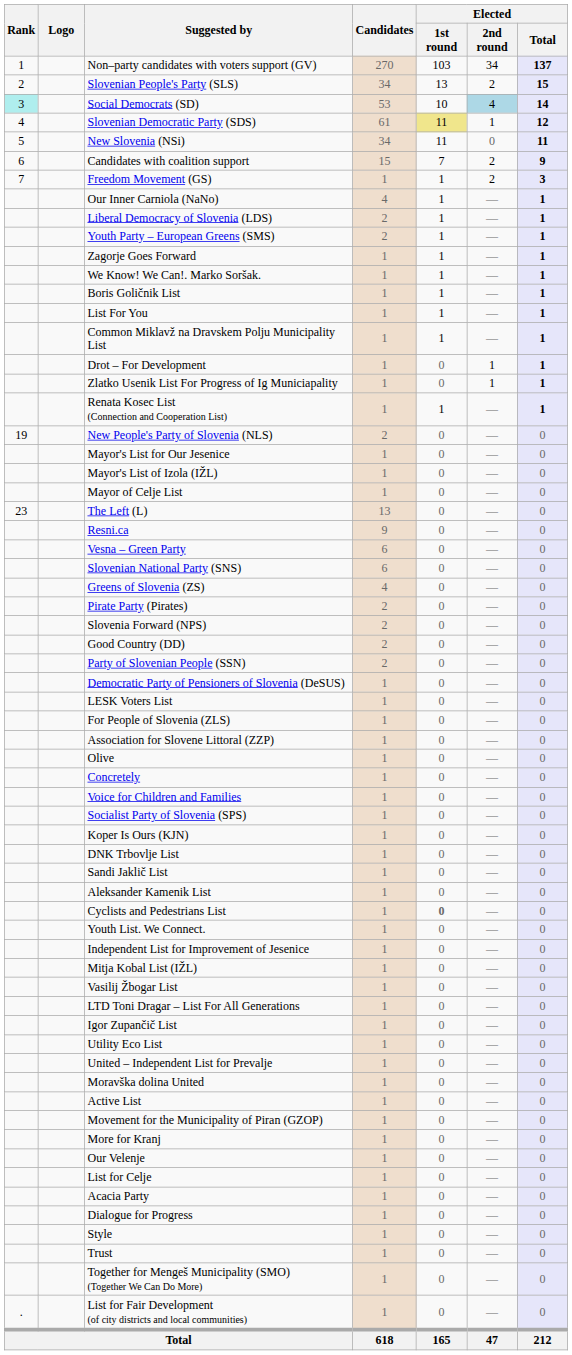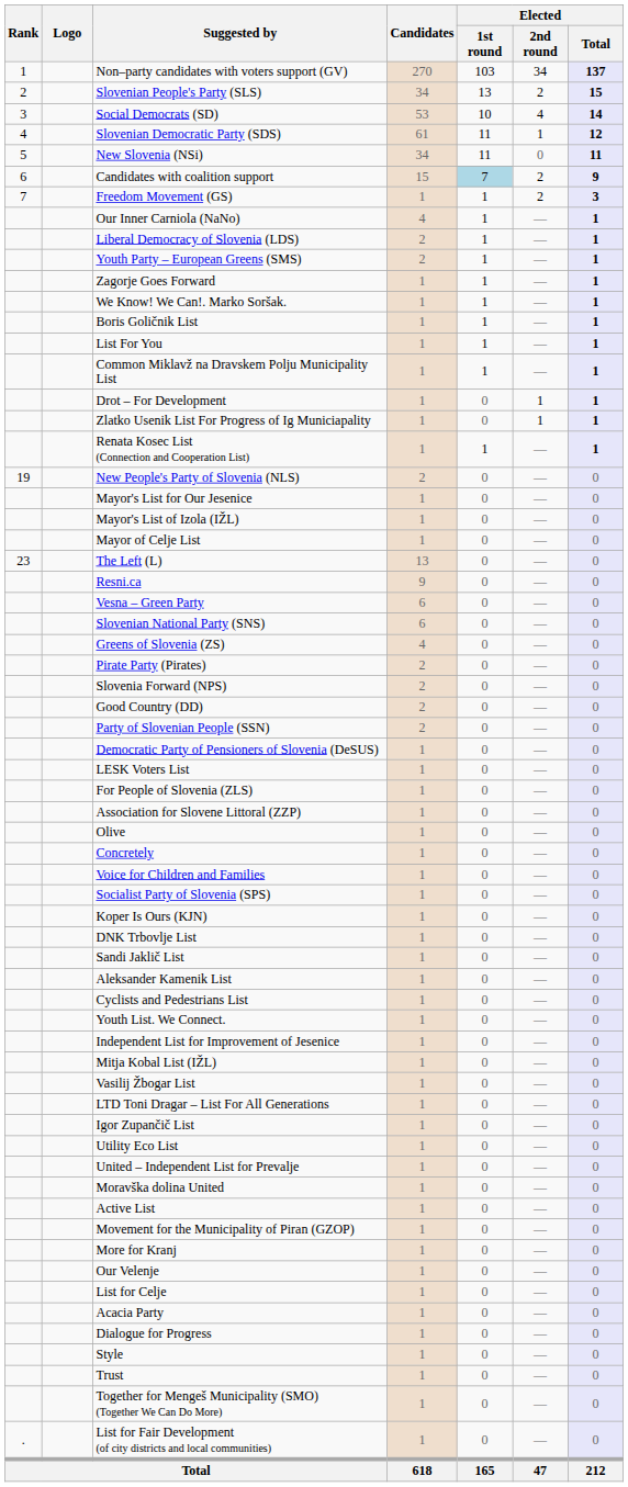 <table class="wikitable">
 <tr>
 <th width=15 rowspan=2>Rank</th>
 <th width=55 rowspan=2>Logo</th>
 <th width=350 rowspan=2>Suggested by</th>
 <th width=65 rowspan=2>Candidates</th>
 <th width=180 colspan=3>Elected</th>
 </tr>
 <tr>
 <th width=60>1st<br>round</th>
 <th width=60>2nd<br>round</th>
 <th width=60>Total</th>
 </tr>
 <tr>
 <td align=center>1</td>
 <td align=center></td>
 <td>Non–party candidates with voters support (GV)</td>
 <td style=color:#696969 align=center bgcolor=#EFDECD>270</td>
 <td align=center>103</td>
 <td align=center>34</td>
 <td align=center bgcolor=#E6E6FA><strong>137</strong></td>
 </tr>
 <tr>
 <td align=center>2</td>
 <td align=center></td>
 <td><a href='#'>Slovenian People's Party</a> (SLS)</td>
 <td style=color:#696969 align=center bgcolor=#EFDECD>34</td>
 <td align=center>13</td>
 <td align=center>2</td>
 <td align=center bgcolor=#E6E6FA><strong>15</strong></td>
 </tr>
 <tr>
-<td align=center style="background: paleturquoise;">3</td>
+<td align=center>3</td>
 <td align=center></td>
 <td><a href='#'>Social Democrats</a> (SD)</td>
 <td style=color:#696969 align=center bgcolor=#EFDECD>53</td>
 <td align=center>10</td>
-<td align=center style="background: lightblue;">4</td>
+<td align=center>4</td>
 <td align=center bgcolor=#E6E6FA><strong>14</strong></td>
 </tr>
 <tr>
 <td align=center>4</td>
 <td align=center></td>
 <td><a href='#'>Slovenian Democratic Party</a> (SDS)</td>
 <td style=color:#696969 align=center bgcolor=#EFDECD>61</td>
-<td align=center style="background: khaki;">11</td>
+<td align=center>11</td>
 <td align=center>1</td>
 <td align=center bgcolor=#E6E6FA><strong>12</strong></td>
 </tr>
 <tr>
 <td align=center>5</td>
 <td align=center></td>
 <td><a href='#'>New Slovenia</a> (NSi)</td>
 <td style=color:#696969 align=center bgcolor=#EFDECD>34</td>
 <td align=center>11</td>
 <td align=center style=color:#696969>0</td>
 <td align=center bgcolor=#E6E6FA><strong>11</strong></td>
 </tr>
 <tr>
 <td align=center>6</td>
 <td align=center></td>
 <td>Candidates with coalition support<small></small></td>
 <td style=color:#696969 align=center bgcolor=#EFDECD>15</td>
-<td align=center>7</td>
+<td align=center style="background: lightblue;">7</td>
 <td align=center>2</td>
 <td align=center bgcolor=#E6E6FA><strong>9</strong></td>
 </tr>
 <tr>
 <td align=center>7</td>
 <td align=center></td>
 <td><a href='#'>Freedom Movement</a> (GS)</td>
 <td style=color:#696969 align=center bgcolor=#EFDECD>1</td>
 <td align=center>1</td>
 <td align=center>2</td>
 <td align=center bgcolor=#E6E6FA><strong>3</strong></td>
 </tr>
 <tr>
 <td align=center></td>
 <td align=center></td>
 <td>Our Inner Carniola (NaNo)</td>
 <td style=color:#696969 align=center bgcolor=#EFDECD>4</td>
 <td align=center>1</td>
 <td align=center style=color:#696969>—</td>
 <td align=center bgcolor=#E6E6FA><strong>1</strong></td>
 </tr>
 <tr>
 <td align=center></td>
 <td align=center></td>
 <td><a href='#'>Liberal Democracy of Slovenia</a> (LDS)</td>
 <td style=color:#696969 align=center bgcolor=#EFDECD>2</td>
 <td align=center>1</td>
 <td align=center style=color:#696969>—</td>
 <td align=center bgcolor=#E6E6FA><strong>1</strong></td>
 </tr>
 <tr>
 <td align=center></td>
 <td align=center></td>
 <td><a href='#'>Youth Party – European Greens</a> (SMS)</td>
 <td style=color:#696969 align=center bgcolor=#EFDECD>2</td>
 <td align=center>1</td>
 <td align=center style=color:#696969>—</td>
 <td align=center bgcolor=#E6E6FA><strong>1</strong></td>
 </tr>
 <tr>
 <td align=center></td>
 <td align=center></td>
 <td>Zagorje Goes Forward</td>
 <td style=color:#696969 align=center bgcolor=#EFDECD>1</td>
 <td align=center>1</td>
 <td align=center style=color:#696969>—</td>
 <td align=center bgcolor=#E6E6FA><strong>1</strong></td>
 </tr>
 <tr>
 <td align=center></td>
 <td align=center></td>
 <td>We Know! We Can!. Marko Soršak.</td>
 <td style=color:#696969 align=center bgcolor=#EFDECD>1</td>
 <td align=center>1</td>
 <td align=center style=color:#696969>—</td>
 <td align=center bgcolor=#E6E6FA><strong>1</strong></td>
 </tr>
 <tr>
 <td align=center></td>
 <td align=center></td>
 <td>Boris Goličnik List</td>
 <td style=color:#696969 align=center bgcolor=#EFDECD>1</td>
 <td align=center>1</td>
 <td align=center style=color:#696969>—</td>
 <td align=center bgcolor=#E6E6FA><strong>1</strong></td>
 </tr>
 <tr>
 <td align=center></td>
 <td align=center></td>
 <td>List For You</td>
 <td style=color:#696969 align=center bgcolor=#EFDECD>1</td>
 <td align=center>1</td>
 <td align=center style=color:#696969>—</td>
 <td align=center bgcolor=#E6E6FA><strong>1</strong></td>
 </tr>
 <tr>
 <td align=center></td>
 <td align=center></td>
 <td>Common Miklavž na Dravskem Polju Municipality List</td>
 <td style=color:#696969 align=center bgcolor=#EFDECD>1</td>
 <td align=center>1</td>
 <td align=center style=color:#696969>—</td>
 <td align=center bgcolor=#E6E6FA><strong>1</strong></td>
 </tr>
 <tr>
 <td align=center></td>
 <td align=center></td>
 <td>Drot – For Development</td>
 <td style=color:#696969 align=center bgcolor=#EFDECD>1</td>
 <td align=center style=color:#696969>0</td>
 <td align=center>1</td>
 <td align=center bgcolor=#E6E6FA><strong>1</strong></td>
 </tr>
 <tr>
 <td align=center></td>
 <td align=center></td>
 <td>Zlatko Usenik List For Progress of Ig Municiapality</td>
 <td style=color:#696969 align=center bgcolor=#EFDECD>1</td>
 <td align=center style=color:#696969>0</td>
 <td align=center>1</td>
 <td align=center bgcolor=#E6E6FA><strong>1</strong></td>
 </tr>
 <tr>
 <td align=center></td>
 <td align=center></td>
 <td>Renata Kosec List<br><small>(Connection and Cooperation List)</small></td>
 <td style=color:#696969 align=center bgcolor=#EFDECD>1</td>
 <td align=center>1</td>
 <td align=center style=color:#696969>—</td>
 <td align=center bgcolor=#E6E6FA><strong>1</strong></td>
 </tr>
 <tr>
 <td align=center>19</td>
 <td align=center></td>
 <td><a href='#'>New People's Party of Slovenia</a> (NLS)</td>
 <td style=color:#696969 align=center bgcolor=#EFDECD>2</td>
 <td align=center style=color:#696969>0</td>
 <td align=center style=color:#696969>—</td>
 <td align=center bgcolor=#E6E6FA style=color:#696969>0</td>
 </tr>
 <tr>
 <td align=center></td>
 <td align=center></td>
 <td>Mayor's List for Our Jesenice</td>
 <td style=color:#696969 align=center bgcolor=#EFDECD>1</td>
 <td align=center style=color:#696969>0</td>
 <td align=center style=color:#696969>—</td>
 <td align=center bgcolor=#E6E6FA style=color:#696969>0</td>
 </tr>
 <tr>
 <td align=center></td>
 <td align=center></td>
 <td>Mayor's List of Izola (IŽL)</td>
 <td style=color:#696969 align=center bgcolor=#EFDECD>1</td>
 <td align=center style=color:#696969>0</td>
 <td align=center style=color:#696969>—</td>
 <td align=center bgcolor=#E6E6FA style=color:#696969>0</td>
 </tr>
 <tr>
 <td align=center></td>
 <td align=center></td>
 <td>Mayor of Celje List</td>
 <td style=color:#696969 align=center bgcolor=#EFDECD>1</td>
 <td align=center style=color:#696969>0</td>
 <td align=center style=color:#696969>—</td>
 <td align=center bgcolor=#E6E6FA style=color:#696969>0</td>
 </tr>
 <tr>
 <td align=center>23</td>
 <td align=center></td>
 <td><a href='#'>The Left</a> (L)</td>
 <td style=color:#696969 align=center bgcolor=#EFDECD>13</td>
 <td align=center style=color:#696969>0</td>
 <td align=center style=color:#696969>—</td>
 <td align=center bgcolor=#E6E6FA style=color:#696969>0</td>
 </tr>
 <tr>
 <td align=center></td>
 <td align=center></td>
 <td><a href='#'>Resni.ca</a></td>
 <td style=color:#696969 align=center bgcolor=#EFDECD>9</td>
 <td align=center style=color:#696969>0</td>
 <td align=center style=color:#696969>—</td>
 <td align=center bgcolor=#E6E6FA style=color:#696969>0</td>
 </tr>
 <tr>
 <td align=center></td>
 <td align=center></td>
 <td><a href='#'>Vesna – Green Party</a></td>
 <td style=color:#696969 align=center bgcolor=#EFDECD>6</td>
 <td align=center style=color:#696969>0</td>
 <td align=center style=color:#696969>—</td>
 <td align=center bgcolor=#E6E6FA style=color:#696969>0</td>
 </tr>
 <tr>
 <td align=center></td>
 <td align=center></td>
 <td><a href='#'>Slovenian National Party</a> (SNS)</td>
 <td style=color:#696969 align=center bgcolor=#EFDECD>6</td>
 <td align=center style=color:#696969>0</td>
 <td align=center style=color:#696969>—</td>
 <td align=center bgcolor=#E6E6FA style=color:#696969>0</td>
 </tr>
 <tr>
 <td align=center></td>
 <td align=center></td>
 <td><a href='#'>Greens of Slovenia</a> (ZS)</td>
 <td style=color:#696969 align=center bgcolor=#EFDECD>4</td>
 <td align=center style=color:#696969>0</td>
 <td align=center style=color:#696969>—</td>
 <td align=center bgcolor=#E6E6FA style=color:#696969>0</td>
 </tr>
 <tr>
 <td align=center></td>
 <td align=center></td>
 <td><a href='#'>Pirate Party</a> (Pirates)</td>
 <td style=color:#696969 align=center bgcolor=#EFDECD>2</td>
 <td align=center style=color:#696969>0</td>
 <td align=center style=color:#696969>—</td>
 <td align=center bgcolor=#E6E6FA style=color:#696969>0</td>
 </tr>
 <tr>
 <td align=center></td>
 <td align=center></td>
 <td>Slovenia Forward (NPS)</td>
 <td style=color:#696969 align=center bgcolor=#EFDECD>2</td>
 <td align=center style=color:#696969>0</td>
 <td align=center style=color:#696969>—</td>
 <td align=center bgcolor=#E6E6FA style=color:#696969>0</td>
 </tr>
 <tr>
 <td align=center></td>
 <td align=center></td>
 <td>Good Country (DD)</td>
 <td style=color:#696969 align=center bgcolor=#EFDECD>2</td>
 <td align=center style=color:#696969>0</td>
 <td align=center style=color:#696969>—</td>
 <td align=center bgcolor=#E6E6FA style=color:#696969>0</td>
 </tr>
 <tr>
 <td align=center></td>
 <td align=center></td>
 <td><a href='#'>Party of Slovenian People</a> (SSN)</td>
 <td style=color:#696969 align=center bgcolor=#EFDECD>2</td>
 <td align=center style=color:#696969>0</td>
 <td align=center style=color:#696969>—</td>
 <td align=center bgcolor=#E6E6FA style=color:#696969>0</td>
 </tr>
 <tr>
 <td align=center></td>
 <td align=center></td>
 <td><a href='#'>Democratic Party of Pensioners of Slovenia</a> (DeSUS)</td>
 <td style=color:#696969 align=center bgcolor=#EFDECD>1</td>
 <td align=center style=color:#696969>0</td>
 <td align=center style=color:#696969>—</td>
 <td align=center bgcolor=#E6E6FA style=color:#696969>0</td>
 </tr>
 <tr>
 <td align=center></td>
 <td align=center></td>
 <td>LESK Voters List</td>
 <td style=color:#696969 align=center bgcolor=#EFDECD>1</td>
 <td align=center style=color:#696969>0</td>
 <td align=center style=color:#696969>—</td>
 <td align=center bgcolor=#E6E6FA style=color:#696969>0</td>
 </tr>
 <tr>
 <td align=center></td>
 <td align=center></td>
 <td>For People of Slovenia (ZLS)</td>
 <td style=color:#696969 align=center bgcolor=#EFDECD>1</td>
 <td align=center style=color:#696969>0</td>
 <td align=center style=color:#696969>—</td>
 <td align=center bgcolor=#E6E6FA style=color:#696969>0</td>
 </tr>
 <tr>
 <td align=center></td>
 <td align=center></td>
 <td>Association for Slovene Littoral (ZZP)</td>
 <td style=color:#696969 align=center bgcolor=#EFDECD>1</td>
 <td align=center style=color:#696969>0</td>
 <td align=center style=color:#696969>—</td>
 <td align=center bgcolor=#E6E6FA style=color:#696969>0</td>
 </tr>
 <tr>
 <td align=center></td>
 <td align=center></td>
 <td>Olive</td>
 <td style=color:#696969 align=center bgcolor=#EFDECD>1</td>
 <td align=center style=color:#696969>0</td>
 <td align=center style=color:#696969>—</td>
 <td align=center bgcolor=#E6E6FA style=color:#696969>0</td>
 </tr>
 <tr>
 <td align=center></td>
 <td align=center></td>
 <td><a href='#'>Concretely</a></td>
 <td style=color:#696969 align=center bgcolor=#EFDECD>1</td>
 <td align=center style=color:#696969>0</td>
 <td align=center style=color:#696969>—</td>
 <td align=center bgcolor=#E6E6FA style=color:#696969>0</td>
 </tr>
 <tr>
 <td align=center></td>
 <td align=center></td>
 <td><a href='#'>Voice for Children and Families</a></td>
 <td style=color:#696969 align=center bgcolor=#EFDECD>1</td>
 <td align=center style=color:#696969>0</td>
 <td align=center style=color:#696969>—</td>
 <td align=center bgcolor=#E6E6FA style=color:#696969>0</td>
 </tr>
 <tr>
 <td align=center></td>
 <td align=center></td>
 <td><a href='#'>Socialist Party of Slovenia</a> (SPS)</td>
 <td style=color:#696969 align=center bgcolor=#EFDECD>1</td>
 <td align=center style=color:#696969>0</td>
 <td align=center style=color:#696969>—</td>
 <td align=center bgcolor=#E6E6FA style=color:#696969>0</td>
 </tr>
 <tr>
 <td align=center></td>
 <td align=center></td>
 <td>Koper Is Ours (KJN)</td>
 <td style=color:#696969 align=center bgcolor=#EFDECD>1</td>
 <td align=center style=color:#696969>0</td>
 <td align=center style=color:#696969>—</td>
 <td align=center bgcolor=#E6E6FA style=color:#696969>0</td>
 </tr>
 <tr>
 <td align=center></td>
 <td align=center></td>
 <td>DNK Trbovlje List</td>
 <td style=color:#696969 align=center bgcolor=#EFDECD>1</td>
 <td align=center style=color:#696969>0</td>
 <td align=center style=color:#696969>—</td>
 <td align=center bgcolor=#E6E6FA style=color:#696969>0</td>
 </tr>
 <tr>
 <td align=center></td>
 <td align=center></td>
 <td>Sandi Jaklič List</td>
 <td style=color:#696969 align=center bgcolor=#EFDECD>1</td>
 <td align=center style=color:#696969>0</td>
 <td align=center style=color:#696969>—</td>
 <td align=center bgcolor=#E6E6FA style=color:#696969>0</td>
 </tr>
 <tr>
 <td align=center></td>
 <td align=center></td>
 <td>Aleksander Kamenik List</td>
 <td style=color:#696969 align=center bgcolor=#EFDECD>1</td>
 <td align=center style=color:#696969>0</td>
 <td align=center style=color:#696969>—</td>
 <td align=center bgcolor=#E6E6FA style=color:#696969>0</td>
 </tr>
 <tr>
 <td align=center></td>
 <td align=center></td>
 <td>Cyclists and Pedestrians List</td>
 <td style=color:#696969 align=center bgcolor=#EFDECD>1</td>
-<td align=center style=color:#696969><strong>0</strong></td>
+<td align=center style=color:#696969>0</td>
 <td align=center style=color:#696969>—</td>
 <td align=center bgcolor=#E6E6FA style=color:#696969>0</td>
 </tr>
 <tr>
 <td align=center></td>
 <td align=center></td>
 <td>Youth List. We Connect.</td>
 <td style=color:#696969 align=center bgcolor=#EFDECD>1</td>
 <td align=center style=color:#696969>0</td>
 <td align=center style=color:#696969>—</td>
 <td align=center bgcolor=#E6E6FA style=color:#696969>0</td>
 </tr>
 <tr>
 <td align=center></td>
 <td align=center></td>
 <td>Independent List for Improvement of Jesenice</td>
 <td style=color:#696969 align=center bgcolor=#EFDECD>1</td>
 <td align=center style=color:#696969>0</td>
 <td align=center style=color:#696969>—</td>
 <td align=center bgcolor=#E6E6FA style=color:#696969>0</td>
 </tr>
 <tr>
 <td align=center></td>
 <td align=center></td>
 <td>Mitja Kobal List (IŽL)</td>
 <td style=color:#696969 align=center bgcolor=#EFDECD>1</td>
 <td align=center style=color:#696969>0</td>
 <td align=center style=color:#696969>—</td>
 <td align=center bgcolor=#E6E6FA style=color:#696969>0</td>
 </tr>
 <tr>
 <td align=center></td>
 <td align=center></td>
 <td>Vasilij Žbogar List</td>
 <td style=color:#696969 align=center bgcolor=#EFDECD>1</td>
 <td align=center style=color:#696969>0</td>
 <td align=center style=color:#696969>—</td>
 <td align=center bgcolor=#E6E6FA style=color:#696969>0</td>
 </tr>
 <tr>
 <td align=center></td>
 <td align=center></td>
 <td>LTD Toni Dragar – List For All Generations</td>
 <td style=color:#696969 align=center bgcolor=#EFDECD>1</td>
 <td align=center style=color:#696969>0</td>
 <td align=center style=color:#696969>—</td>
 <td align=center bgcolor=#E6E6FA style=color:#696969>0</td>
 </tr>
 <tr>
 <td align=center></td>
 <td align=center></td>
 <td>Igor Zupančič List</td>
 <td style=color:#696969 align=center bgcolor=#EFDECD>1</td>
 <td align=center style=color:#696969>0</td>
 <td align=center style=color:#696969>—</td>
 <td align=center bgcolor=#E6E6FA style=color:#696969>0</td>
 </tr>
 <tr>
 <td align=center></td>
 <td align=center></td>
 <td>Utility Eco List</td>
 <td style=color:#696969 align=center bgcolor=#EFDECD>1</td>
 <td align=center style=color:#696969>0</td>
 <td align=center style=color:#696969>—</td>
 <td align=center bgcolor=#E6E6FA style=color:#696969>0</td>
 </tr>
 <tr>
 <td align=center></td>
 <td align=center></td>
 <td>United – Independent List for Prevalje</td>
 <td style=color:#696969 align=center bgcolor=#EFDECD>1</td>
 <td align=center style=color:#696969>0</td>
 <td align=center style=color:#696969>—</td>
 <td align=center bgcolor=#E6E6FA style=color:#696969>0</td>
 </tr>
 <tr>
 <td align=center></td>
 <td align=center></td>
 <td>Moravška dolina United</td>
 <td style=color:#696969 align=center bgcolor=#EFDECD>1</td>
 <td align=center style=color:#696969>0</td>
 <td align=center style=color:#696969>—</td>
 <td align=center bgcolor=#E6E6FA style=color:#696969>0</td>
 </tr>
 <tr>
 <td align=center></td>
 <td align=center></td>
 <td>Active List</td>
 <td style=color:#696969 align=center bgcolor=#EFDECD>1</td>
 <td align=center style=color:#696969>0</td>
 <td align=center style=color:#696969>—</td>
 <td align=center bgcolor=#E6E6FA style=color:#696969>0</td>
 </tr>
 <tr>
 <td align=center></td>
 <td align=center></td>
 <td>Movement for the Municipality of Piran (GZOP)</td>
 <td style=color:#696969 align=center bgcolor=#EFDECD>1</td>
 <td align=center style=color:#696969>0</td>
 <td align=center style=color:#696969>—</td>
 <td align=center bgcolor=#E6E6FA style=color:#696969>0</td>
 </tr>
 <tr>
 <td align=center></td>
 <td align=center></td>
 <td>More for Kranj</td>
 <td style=color:#696969 align=center bgcolor=#EFDECD>1</td>
 <td align=center style=color:#696969>0</td>
 <td align=center style=color:#696969>—</td>
 <td align=center bgcolor=#E6E6FA style=color:#696969>0</td>
 </tr>
 <tr>
 <td align=center></td>
 <td align=center></td>
 <td>Our Velenje</td>
 <td style=color:#696969 align=center bgcolor=#EFDECD>1</td>
 <td align=center style=color:#696969>0</td>
 <td align=center style=color:#696969>—</td>
 <td align=center bgcolor=#E6E6FA style=color:#696969>0</td>
 </tr>
 <tr>
 <td align=center></td>
 <td align=center></td>
 <td>List for Celje</td>
 <td style=color:#696969 align=center bgcolor=#EFDECD>1</td>
 <td align=center style=color:#696969>0</td>
 <td align=center style=color:#696969>—</td>
 <td align=center bgcolor=#E6E6FA style=color:#696969>0</td>
 </tr>
 <tr>
 <td align=center></td>
 <td align=center></td>
 <td>Acacia Party</td>
 <td style=color:#696969 align=center bgcolor=#EFDECD>1</td>
 <td align=center style=color:#696969>0</td>
 <td align=center style=color:#696969>—</td>
 <td align=center bgcolor=#E6E6FA style=color:#696969>0</td>
 </tr>
 <tr>
 <td align=center></td>
 <td align=center></td>
 <td>Dialogue for Progress</td>
 <td style=color:#696969 align=center bgcolor=#EFDECD>1</td>
 <td align=center style=color:#696969>0</td>
 <td align=center style=color:#696969>—</td>
 <td align=center bgcolor=#E6E6FA style=color:#696969>0</td>
 </tr>
 <tr>
 <td align=center></td>
 <td align=center></td>
 <td>Style</td>
 <td style=color:#696969 align=center bgcolor=#EFDECD>1</td>
 <td align=center style=color:#696969>0</td>
 <td align=center style=color:#696969>—</td>
 <td align=center bgcolor=#E6E6FA style=color:#696969>0</td>
 </tr>
 <tr>
 <td align=center></td>
 <td align=center></td>
 <td>Trust</td>
 <td style=color:#696969 align=center bgcolor=#EFDECD>1</td>
 <td align=center style=color:#696969>0</td>
 <td align=center style=color:#696969>—</td>
 <td align=center bgcolor=#E6E6FA style=color:#696969>0</td>
 </tr>
 <tr>
 <td align=center></td>
 <td align=center></td>
 <td>Together for Mengeš Municipality (SMO)<br><small>(Together We Can Do More)</small></td>
 <td style=color:#696969 align=center bgcolor=#EFDECD>1</td>
 <td align=center style=color:#696969>0</td>
 <td align=center style=color:#696969>—</td>
 <td align=center bgcolor=#E6E6FA style=color:#696969>0</td>
 </tr>
 <tr>
 <td align=center>.</td>
 <td align=center></td>
 <td>List for Fair Development<br><small>(of city districts and local communities)</small></td>
 <td style=color:#696969 align=center bgcolor=#EFDECD>1</td>
 <td align=center style=color:#696969>0</td>
 <td align=center style=color:#696969>—</td>
 <td align=center bgcolor=#E6E6FA style=color:#696969>0</td>
 </tr>
 <tr>
 <th colspan=3 style="border-top-width:5px">Total</th>
 <th style="border-top-width:5px">618</th>
 <th style="border-top-width:5px">165</th>
 <th style="border-top-width:5px">47</th>
 <th style="border-top-width:5px">212</th>
 </tr>
 </table>
